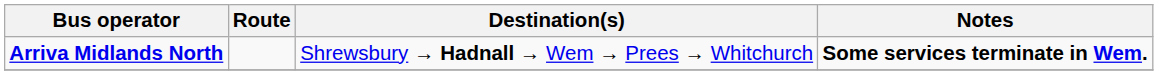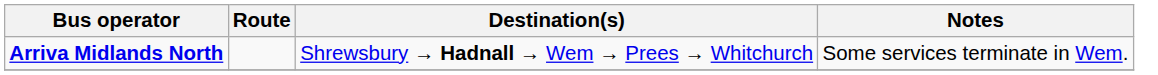 <table class="wikitable">
 <tr>
 <th>Bus operator</th>
 <th>Route</th>
 <th>Destination(s)</th>
 <th>Notes</th>
 </tr>
 <tr>
 <td><strong><a href='#'>Arriva Midlands North</a></strong></td>
 <td><strong></strong></td>
 <td><a href='#'>Shrewsbury</a> → <strong>Hadnall</strong> → <a href='#'>Wem</a> → <a href='#'>Prees</a> → <a href='#'>Whitchurch</a></td>
-<td><strong>Some services terminate in <a href='#'>Wem</a>.</strong></td>
+<td>Some services terminate in <a href='#'>Wem</a>.</td>
 </tr>
 <tr>
 </tr>
 </table>
